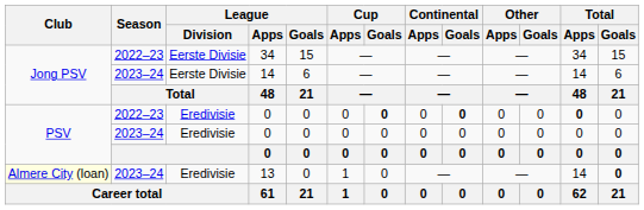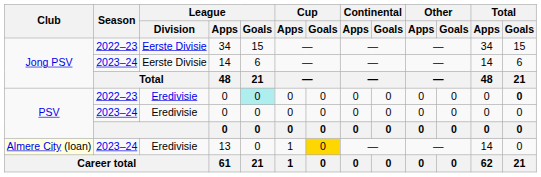 <table class="wikitable" Style="text-align: center">
 <tr>
 <th rowspan="2">Club</th>
 <th rowspan="2">Season</th>
 <th colspan="3">League</th>
 <th colspan="2">Cup</th>
 <th colspan="2">Continental</th>
 <th colspan="2">Other</th>
 <th colspan="2">Total</th>
 </tr>
 <tr>
 <th>Division</th>
 <th>Apps</th>
 <th>Goals</th>
 <th>Apps</th>
 <th>Goals</th>
 <th>Apps</th>
 <th>Goals</th>
 <th>Apps</th>
 <th>Goals</th>
 <th>Apps</th>
 <th>Goals</th>
 </tr>
 <tr>
 <td rowspan="3"><a href='#'>Jong PSV</a></td>
 <td><a href='#'>2022–23</a></td>
 <td><a href='#'>Eerste Divisie</a></td>
 <td>34</td>
 <td>15</td>
 <td colspan="2">—</td>
 <td colspan="2">—</td>
 <td colspan="2">—</td>
 <td>34</td>
 <td>15</td>
 </tr>
 <tr>
 <td><a href='#'>2023–24</a></td>
 <td>Eerste Divisie</td>
 <td>14</td>
 <td>6</td>
 <td colspan="2">—</td>
 <td colspan="2">—</td>
 <td colspan="2">—</td>
 <td>14</td>
 <td>6</td>
 </tr>
 <tr>
 <th colspan="2">Total</th>
 <th>48</th>
 <th>21</th>
 <th colspan="2">—</th>
 <th colspan="2">—</th>
 <th colspan="2">—</th>
 <th>48</th>
 <th>21</th>
 </tr>
 <tr>
 <td rowspan="3"><a href='#'>PSV</a></td>
 <td><a href='#'>2022–23</a></td>
 <td><a href='#'>Eredivisie</a></td>
 <td>0</td>
+<td style="background: paleturquoise;">0</td>
+<td>0</td>
+<td>0</td>
+<td>0</td>
+<td>0</td>
+<td>0</td>
 <td>0</td>
 <td>0</td>
 <td><strong>0</strong></td>
-<td>0</td>
-<td><strong>0</strong></td>
-<td>0</td>
-<td>0</td>
-<td><strong>0</strong></td>
-<td>0</td>
 </tr>
 <tr>
 <td><a href='#'>2023–24</a></td>
 <td>Eredivisie</td>
 <td>0</td>
 <td>0</td>
 <td>0</td>
 <td>0</td>
 <td>0</td>
 <td>0</td>
 <td>0</td>
 <td>0</td>
 <td>0</td>
 <td>0</td>
 </tr>
 <tr>
 <th colspan="2"></th>
 <th>0</th>
 <th>0</th>
 <th>0</th>
 <th>0</th>
 <th>0</th>
 <th>0</th>
 <th>0</th>
 <th>0</th>
 <th>0</th>
 <th>0</th>
 </tr>
 <tr>
 <td style="background: lightyellow;"><a href='#'>Almere City</a> (loan)</td>
 <td><a href='#'>2023–24</a></td>
 <td>Eredivisie</td>
 <td>13</td>
 <td>0</td>
 <td>1</td>
-<td>0</td>
+<td style="background: gold;">0</td>
 <td colspan="2">—</td>
 <td colspan="2">—</td>
 <td>14</td>
-<td><strong>0</strong></td>
+<td>0</td>
 </tr>
 <tr>
 <th colspan="3">Career total</th>
 <th>61</th>
 <th>21</th>
 <th>1</th>
 <th>0</th>
 <th>0</th>
 <th>0</th>
 <th>0</th>
 <th>0</th>
 <th>62</th>
 <th>21</th>
 </tr>
 </table>
